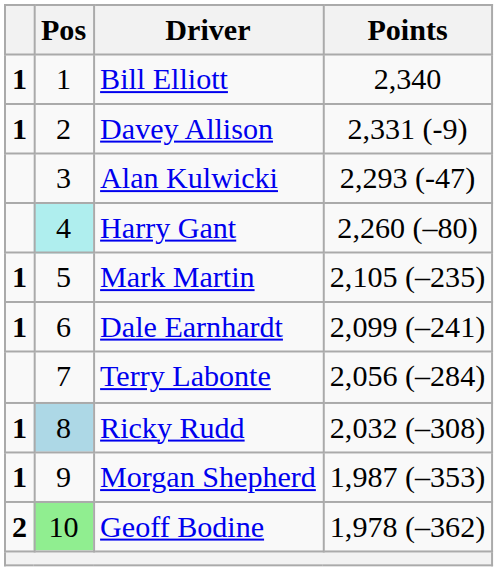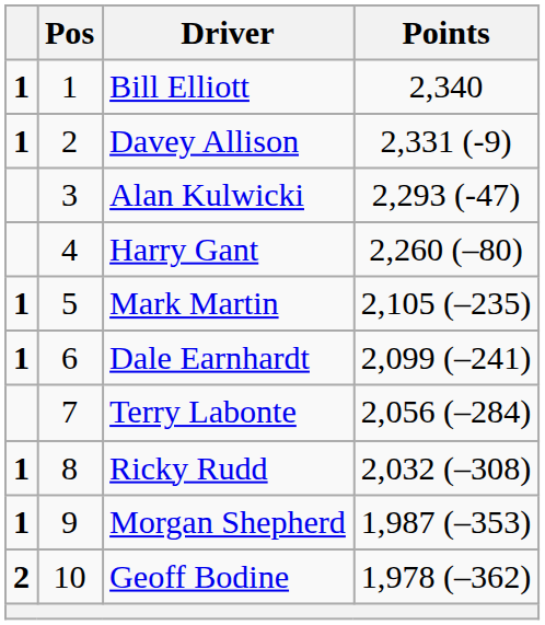 <table class="wikitable" style="font-size: 95%;">
 <tr>
 <th></th>
 <th>Pos</th>
 <th>Driver</th>
 <th>Points</th>
 </tr>
 <tr>
 <td align="left"> <strong>1</strong></td>
 <td style="text-align:center;">1</td>
 <td><a href='#'>Bill Elliott</a></td>
 <td style="text-align:center;">2,340</td>
 </tr>
 <tr>
 <td align="left"> <strong>1</strong></td>
 <td style="text-align:center;">2</td>
 <td><a href='#'>Davey Allison</a></td>
 <td style="text-align:center;">2,331 (-9)</td>
 </tr>
 <tr>
 <td align="left"></td>
 <td style="text-align:center;">3</td>
 <td><a href='#'>Alan Kulwicki</a></td>
 <td style="text-align:center;">2,293 (-47)</td>
 </tr>
 <tr>
 <td align="left"></td>
-<td style="background: paleturquoise; text-align:center;">4</td>
+<td style="text-align:center;">4</td>
 <td><a href='#'>Harry Gant</a></td>
 <td style="text-align:center;">2,260 (–80)</td>
 </tr>
 <tr>
 <td align="left"> <strong>1</strong></td>
 <td style="text-align:center;">5</td>
 <td><a href='#'>Mark Martin</a></td>
 <td style="text-align:center;">2,105 (–235)</td>
 </tr>
 <tr>
 <td align="left"> <strong>1</strong></td>
 <td style="text-align:center;">6</td>
 <td><a href='#'>Dale Earnhardt</a></td>
 <td style="text-align:center;">2,099 (–241)</td>
 </tr>
 <tr>
 <td align="left"></td>
 <td style="text-align:center;">7</td>
 <td><a href='#'>Terry Labonte</a></td>
 <td style="text-align:center;">2,056 (–284)</td>
 </tr>
 <tr>
 <td align="left"> <strong>1</strong></td>
-<td style="background: lightblue; text-align:center;">8</td>
+<td style="text-align:center;">8</td>
 <td><a href='#'>Ricky Rudd</a></td>
 <td style="text-align:center;">2,032 (–308)</td>
 </tr>
 <tr>
 <td align="left"> <strong>1</strong></td>
 <td style="text-align:center;">9</td>
 <td><a href='#'>Morgan Shepherd</a></td>
 <td style="text-align:center;">1,987 (–353)</td>
 </tr>
 <tr>
 <td align="left"> <strong>2</strong></td>
-<td style="background: lightgreen; text-align:center;">10</td>
+<td style="text-align:center;">10</td>
 <td><a href='#'>Geoff Bodine</a></td>
 <td style="text-align:center;">1,978 (–362)</td>
 </tr>
 <tr class="sortbottom">
 <th colspan="9"></th>
 </tr>
 </table>
